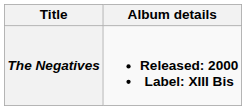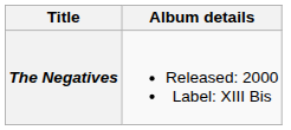 <table class="wikitable plainrowheaders" style=text-align:center;>
 <tr>
 <th scope="col">Title</th>
 <th scope="col">Album details</th>
 </tr>
 <tr>
 <th scope="row"><em>The Negatives</em></th>
-<td><strong><br><ul><li>Released: 2000</li><li>Label: XIII Bis</li></ul></strong></td>
+<td><br><ul><li>Released: 2000</li><li>Label: XIII Bis</li></ul></td>
 </tr>
 </table>
